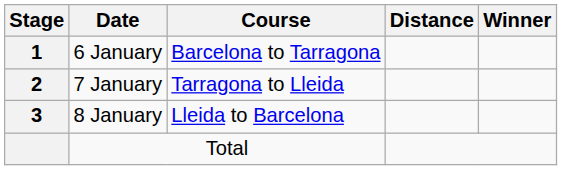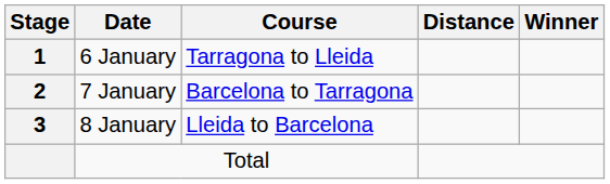 <table class="wikitable">
 <tr>
 <th scope="col">Stage</th>
 <th scope="col">Date</th>
 <th scope="col">Course</th>
 <th scope="col">Distance</th>
 <th scope="col">Winner</th>
 </tr>
 <tr>
 <th scope="row">1</th>
 <td style="text-align:right">6 January</td>
-<td><a href='#'>Barcelona</a> to <a href='#'>Tarragona</a></td>
+<td><a href='#'>Tarragona</a> to <a href='#'>Lleida</a></td>
 <td style="text-align:center;"></td>
 <td></td>
 </tr>
 <tr>
 <th scope="row">2</th>
 <td style="text-align:right">7 January</td>
-<td><a href='#'>Tarragona</a> to <a href='#'>Lleida</a></td>
+<td><a href='#'>Barcelona</a> to <a href='#'>Tarragona</a></td>
 <td style="text-align:center;"></td>
 <td></td>
 </tr>
 <tr>
 <th scope="row">3</th>
 <td style="text-align:right">8 January</td>
 <td><a href='#'>Lleida</a> to <a href='#'>Barcelona</a></td>
 <td style="text-align:center;"></td>
 <td></td>
 </tr>
 <tr>
 <th scope="row"></th>
 <td colspan="2" style="text-align:center">Total</td>
 <td colspan="5" style="text-align:center"></td>
 </tr>
 </table>
